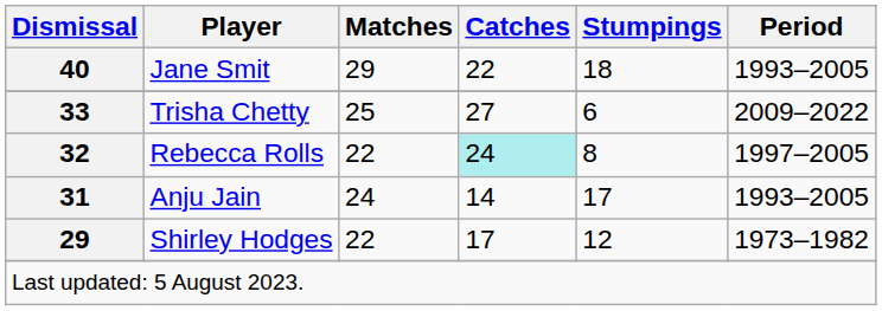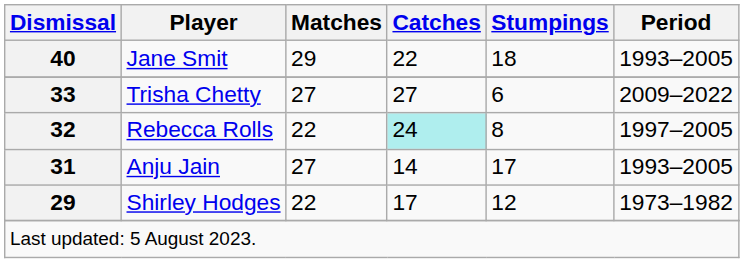 <table class="wikitable sortable">
 <tr>
 <th><a href='#'>Dismissal</a></th>
 <th>Player</th>
 <th>Matches</th>
 <th><a href='#'>Catches</a></th>
 <th><a href='#'>Stumpings</a></th>
 <th>Period</th>
 </tr>
 <tr>
 <th>40</th>
 <td> <a href='#'>Jane Smit</a></td>
 <td>29</td>
 <td>22</td>
 <td>18</td>
 <td>1993–2005</td>
 </tr>
 <tr>
 </tr>
 <tr style="background-colour:#def;">
 <th style="background-colour:#def;">33</th>
 <td> <a href='#'>Trisha Chetty</a></td>
-<td>25</td>
+<td>27</td>
 <td>27</td>
 <td>6</td>
 <td>2009–2022</td>
 </tr>
 <tr>
 <th>32</th>
 <td> <a href='#'>Rebecca Rolls</a></td>
 <td>22</td>
 <td style="background: paleturquoise;">24</td>
 <td>8</td>
 <td>1997–2005</td>
 </tr>
 <tr>
 <th>31</th>
 <td> <a href='#'>Anju Jain</a></td>
-<td>24</td>
+<td>27</td>
 <td>14</td>
 <td>17</td>
 <td>1993–2005</td>
 </tr>
 <tr>
 <th>29</th>
 <td> <a href='#'>Shirley Hodges</a></td>
 <td>22</td>
 <td>17</td>
 <td>12</td>
 <td>1973–1982</td>
 </tr>
 <tr>
 </tr>
 <tr class=sortbottom>
 <td colspan=6><small>Last updated: 5 August 2023.</small></td>
 </tr>
 </table>
